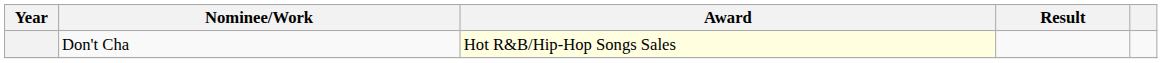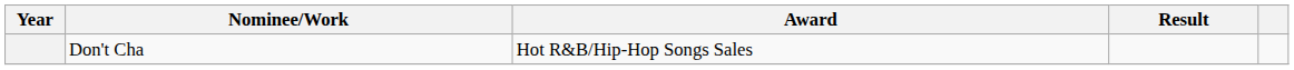 <table class="wikitable plainrowheaders" style="width:70%;">
 <tr>
 <th scope="col" style="width:4%;">Year</th>
 <th style="width:30%;">Nominee/Work</th>
 <th style="width:40%;">Award</th>
 <th style="width:10%;">Result</th>
 <th scope="col" style="width:2%;"></th>
 </tr>
 <tr>
 <th scope="row"></th>
 <td>Don't Cha </td>
-<td style="background: lightyellow;">Hot R&B/Hip-Hop Songs Sales</td>
+<td>Hot R&B/Hip-Hop Songs Sales</td>
 <td></td>
 <td style="text-align:center;"></td>
 </tr>
 <tr>
 </tr>
 </table>
